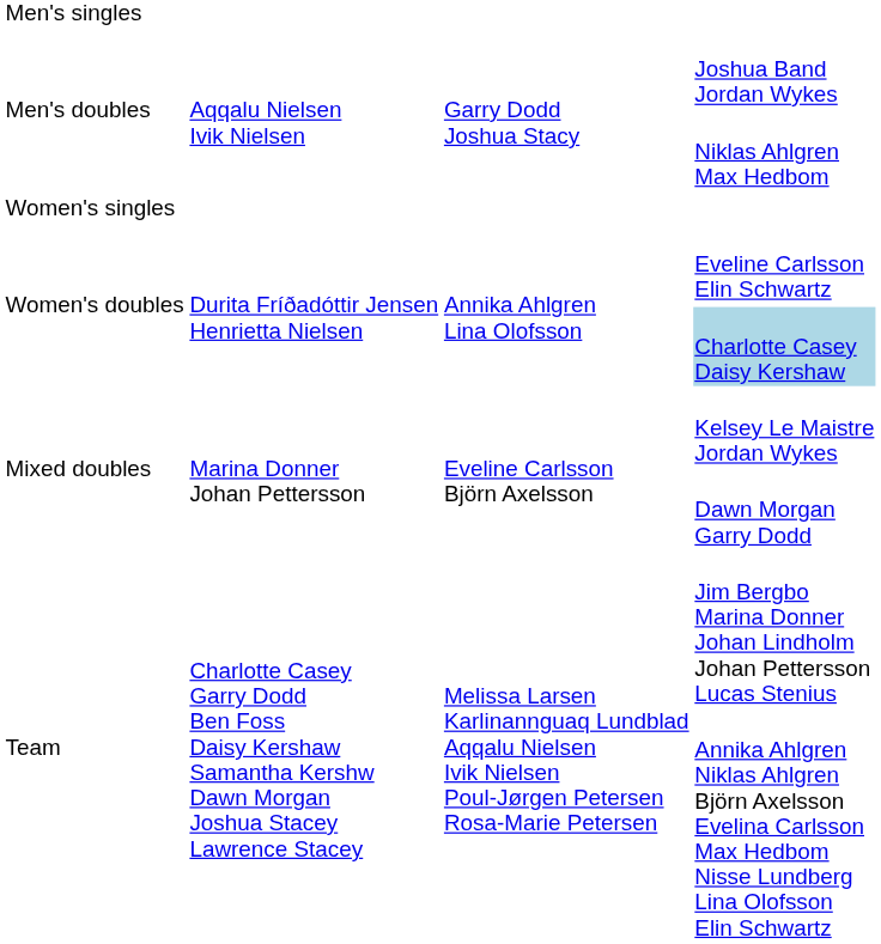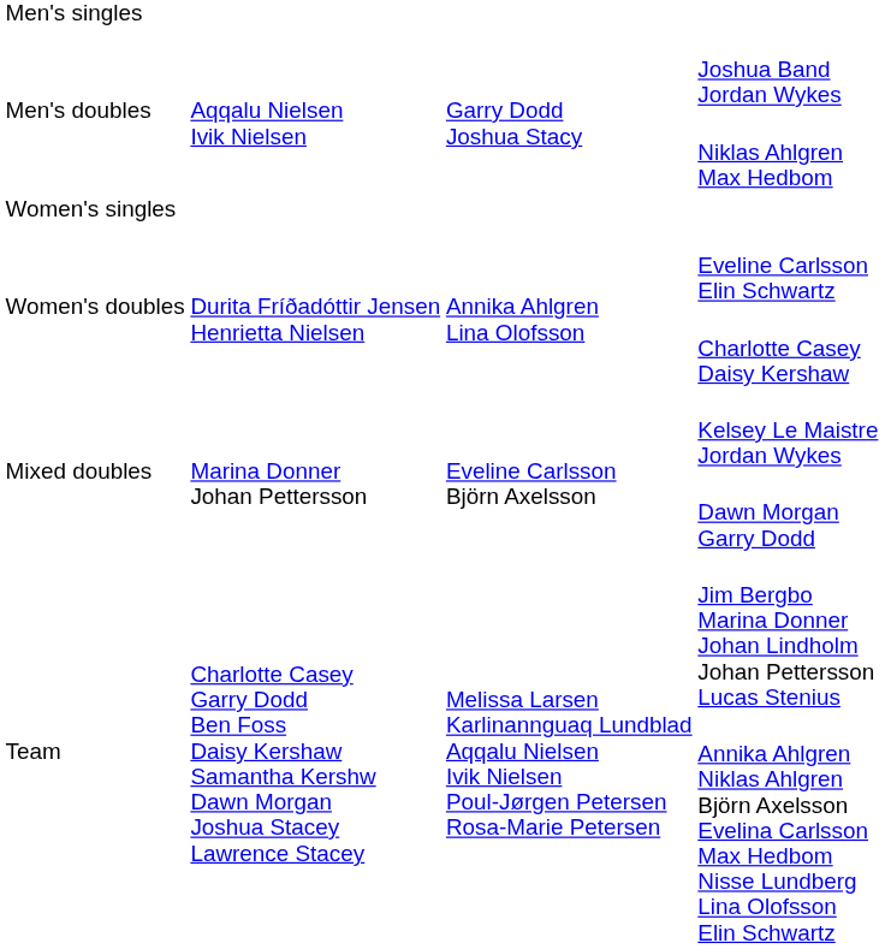 <table>
 <tr>
 <td Rowspan=2>Men's singles</td>
 <td Rowspan=2></td>
 <td Rowspan=2></td>
 <td></td>
 </tr>
 <tr>
 <td></td>
 </tr>
 <tr>
 <td Rowspan=2>Men's doubles</td>
 <td Rowspan=2><br><a href='#'>Aqqalu Nielsen</a><br><a href='#'>Ivik Nielsen</a></td>
 <td Rowspan=2><br><a href='#'>Garry Dodd</a><br><a href='#'>Joshua Stacy</a></td>
 <td><br><a href='#'>Joshua Band</a><br><a href='#'>Jordan Wykes</a></td>
 </tr>
 <tr>
 <td><br><a href='#'>Niklas Ahlgren</a><br><a href='#'>Max Hedbom</a></td>
 </tr>
 <tr>
 <td Rowspan=2>Women's singles</td>
 <td Rowspan=2></td>
 <td Rowspan=2></td>
 <td></td>
 </tr>
 <tr>
 <td></td>
 </tr>
 <tr>
 <td Rowspan=2>Women's doubles</td>
 <td Rowspan=2><br><a href='#'>Durita Fríðadóttir Jensen</a><br><a href='#'>Henrietta Nielsen</a></td>
 <td Rowspan=2><br><a href='#'>Annika Ahlgren</a><br><a href='#'>Lina Olofsson</a></td>
 <td><br><a href='#'>Eveline Carlsson</a><br><a href='#'>Elin Schwartz</a></td>
 </tr>
 <tr>
-<td style="background: lightblue;"><br><a href='#'>Charlotte Casey</a><br><a href='#'>Daisy Kershaw</a></td>
+<td><br><a href='#'>Charlotte Casey</a><br><a href='#'>Daisy Kershaw</a></td>
 </tr>
 <tr>
 <td Rowspan=2>Mixed doubles</td>
 <td Rowspan=2><br><a href='#'>Marina Donner</a><br>Johan Pettersson</td>
 <td Rowspan=2><br><a href='#'>Eveline Carlsson</a><br>Björn Axelsson</td>
 <td><br><a href='#'>Kelsey Le Maistre</a><br><a href='#'>Jordan Wykes</a></td>
 </tr>
 <tr>
 <td><br><a href='#'>Dawn Morgan</a><br><a href='#'>Garry Dodd</a></td>
 </tr>
 <tr>
 <td Rowspan=2>Team</td>
 <td Rowspan=2><br><a href='#'>Charlotte Casey</a><br><a href='#'>Garry Dodd</a><br><a href='#'>Ben Foss</a><br><a href='#'>Daisy Kershaw</a><br><a href='#'>Samantha Kershw</a><br><a href='#'>Dawn Morgan</a><br><a href='#'>Joshua Stacey</a><br><a href='#'>Lawrence Stacey</a></td>
 <td Rowspan=2><br><a href='#'>Melissa Larsen</a><br><a href='#'>Karlinannguaq Lundblad</a><br><a href='#'>Aqqalu Nielsen</a><br><a href='#'>Ivik Nielsen</a><br><a href='#'>Poul-Jørgen Petersen</a><br><a href='#'>Rosa-Marie Petersen</a></td>
 <td><br><a href='#'>Jim Bergbo</a><br><a href='#'>Marina Donner</a><br><a href='#'>Johan Lindholm</a><br>Johan Pettersson<br><a href='#'>Lucas Stenius</a></td>
 </tr>
 <tr>
 <td><br><a href='#'>Annika Ahlgren</a><br><a href='#'>Niklas Ahlgren</a><br>Björn Axelsson<br><a href='#'>Evelina Carlsson</a><br><a href='#'>Max Hedbom</a><br><a href='#'>Nisse Lundberg</a><br><a href='#'>Lina Olofsson</a><br><a href='#'>Elin Schwartz</a></td>
 </tr>
 <tr>
 </tr>
 </table>
